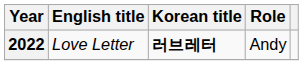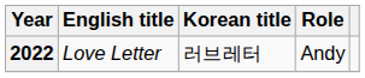 <table class="wikitable plainrowheaders">
 <tr>
 <th scope="col">Year</th>
 <th scope="col">English title</th>
 <th scope="col">Korean title</th>
 <th scope="col">Role</th>
 <th scope="col" class="unsortable"></th>
 </tr>
 <tr>
 <th scope="row">2022</th>
 <td><em>Love Letter</em></td>
-<td><strong>러브레터</strong></td>
+<td>러브레터</td>
 <td>Andy</td>
 <td></td>
 </tr>
 <tr>
 </tr>
 </table>
